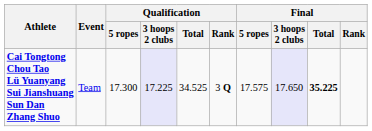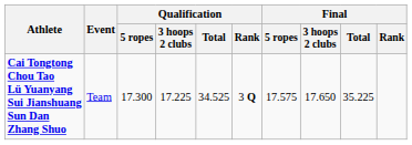 <table class="wikitable" style="font-size:90%">
 <tr>
 <th rowspan="2">Athlete</th>
 <th rowspan="2">Event</th>
 <th colspan="4">Qualification</th>
 <th colspan="4">Final</th>
 </tr>
 <tr style="font-size:95%">
 <th>5 ropes</th>
 <th>3 hoops<br>2 clubs</th>
 <th>Total</th>
 <th>Rank</th>
 <th>5 ropes</th>
 <th>3 hoops<br>2 clubs</th>
 <th>Total</th>
 <th>Rank</th>
 </tr>
 <tr align=center>
 <td align=left><strong><a href='#'>Cai Tongtong</a><br><a href='#'>Chou Tao</a><br><a href='#'>Lü Yuanyang</a><br><a href='#'>Sui Jianshuang</a><br><a href='#'>Sun Dan</a><br><a href='#'>Zhang Shuo</a></strong></td>
 <td align=left><a href='#'>Team</a></td>
 <td>17.300</td>
-<td style="background: lavender;">17.225</td>
+<td>17.225</td>
 <td>34.525</td>
 <td>3 <strong>Q</strong></td>
 <td>17.575</td>
-<td style="background: lavender;">17.650</td>
-<td><strong>35.225</strong></td>
+<td>17.650</td>
+<td>35.225</td>
 <td></td>
 </tr>
 </table>
